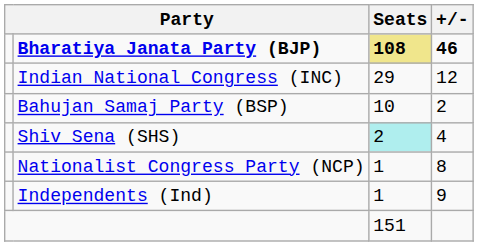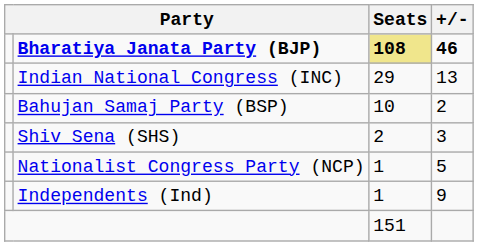 <table class="sortable wikitable">
 <tr>
 <th colspan="2">Party</th>
 <th>Seats</th>
 <th>+/-</th>
 </tr>
 <tr>
 <td style="background-color: "></td>
 <td><strong><a href='#'>Bharatiya Janata Party</a> (BJP)</strong></td>
 <td style="background: khaki;"><strong>108</strong></td>
 <td> <strong>46</strong></td>
 </tr>
 <tr>
 <td style="background-color: "></td>
 <td><a href='#'>Indian National Congress</a> (INC)</td>
 <td>29</td>
-<td> 12</td>
+<td> 13</td>
 </tr>
 <tr>
 <td style="background-color: "></td>
 <td><a href='#'>Bahujan Samaj Party</a> (BSP)</td>
 <td>10</td>
 <td> 2</td>
 </tr>
 <tr>
 <td style="background-color: "></td>
 <td><a href='#'>Shiv Sena</a> (SHS)</td>
-<td style="background: paleturquoise;">2</td>
-<td> 4</td>
+<td>2</td>
+<td> 3</td>
 </tr>
 <tr>
 <td style="background-color: "></td>
 <td><a href='#'>Nationalist Congress Party</a> (NCP)</td>
 <td>1</td>
-<td> 8</td>
+<td> 5</td>
 </tr>
 <tr>
 <td style="background-color: "></td>
 <td><a href='#'>Independents</a> (Ind)</td>
 <td>1</td>
 <td> 9</td>
 </tr>
 <tr>
 <td colspan="2"></td>
 <td>151</td>
 </tr>
 </table>
